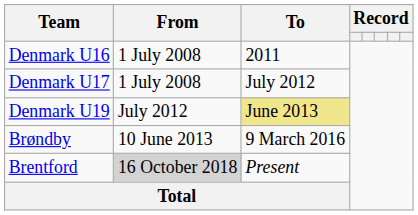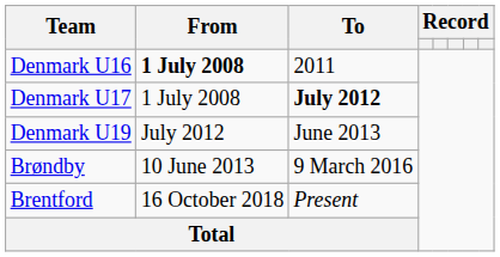 <table class="wikitable" style="text-align: center;">
 <tr>
 <th rowspan=2>Team</th>
 <th rowspan=2>From</th>
 <th rowspan=2>To</th>
 <th colspan=5>Record</th>
 </tr>
 <tr>
 <th></th>
 <th></th>
 <th></th>
 <th></th>
 <th></th>
 </tr>
 <tr>
 <td align=left><a href='#'>Denmark U16</a></td>
-<td align=left>1 July 2008</td>
+<td align=left><strong>1 July 2008</strong></td>
 <td align=left>2011<br></td>
 </tr>
 <tr>
 <td align=left><a href='#'>Denmark U17</a></td>
 <td align=left>1 July 2008</td>
-<td align=left>July 2012<br></td>
+<td align=left><strong>July 2012<br></strong></td>
 </tr>
 <tr>
 <td align=left><a href='#'>Denmark U19</a></td>
 <td align=left>July 2012</td>
-<td align=left style="background: khaki;">June 2013<br></td>
+<td align=left>June 2013<br></td>
 </tr>
 <tr>
 <td align=left><a href='#'>Brøndby</a></td>
 <td align=left>10 June 2013</td>
 <td align=left>9 March 2016<br></td>
 </tr>
 <tr>
 <td align=left><a href='#'>Brentford</a></td>
-<td align=left style="background: lightgrey;">16 October 2018</td>
+<td align=left>16 October 2018</td>
 <td align=left><em>Present</em><br></td>
 </tr>
 <tr>
 <th colspan=3>Total<br></th>
 </tr>
 </table>
